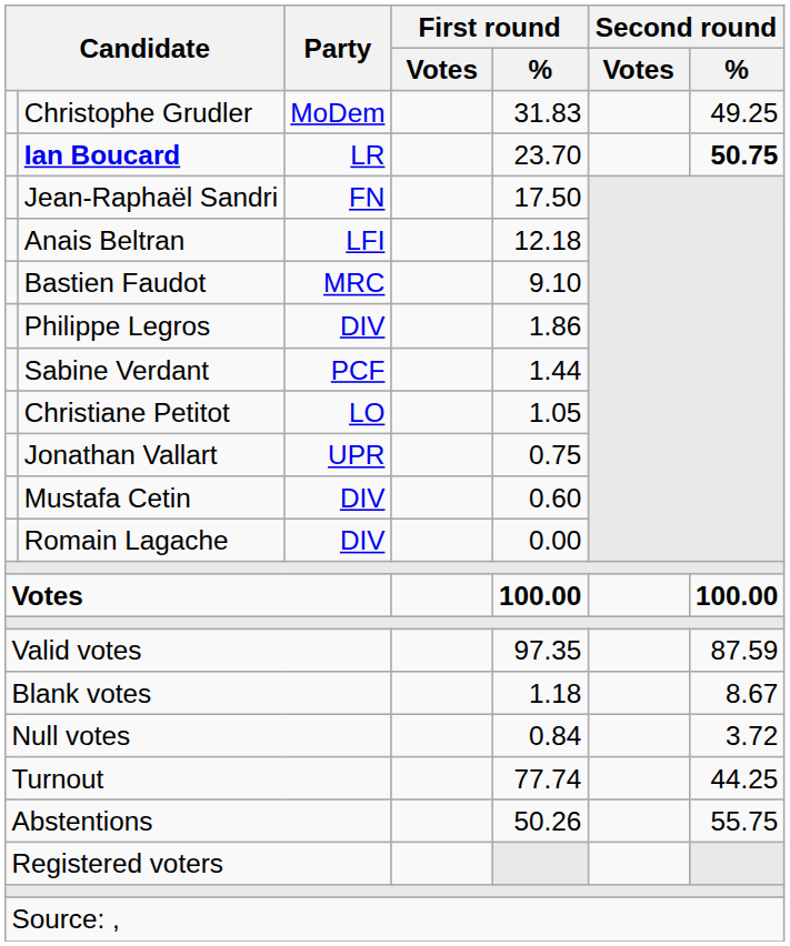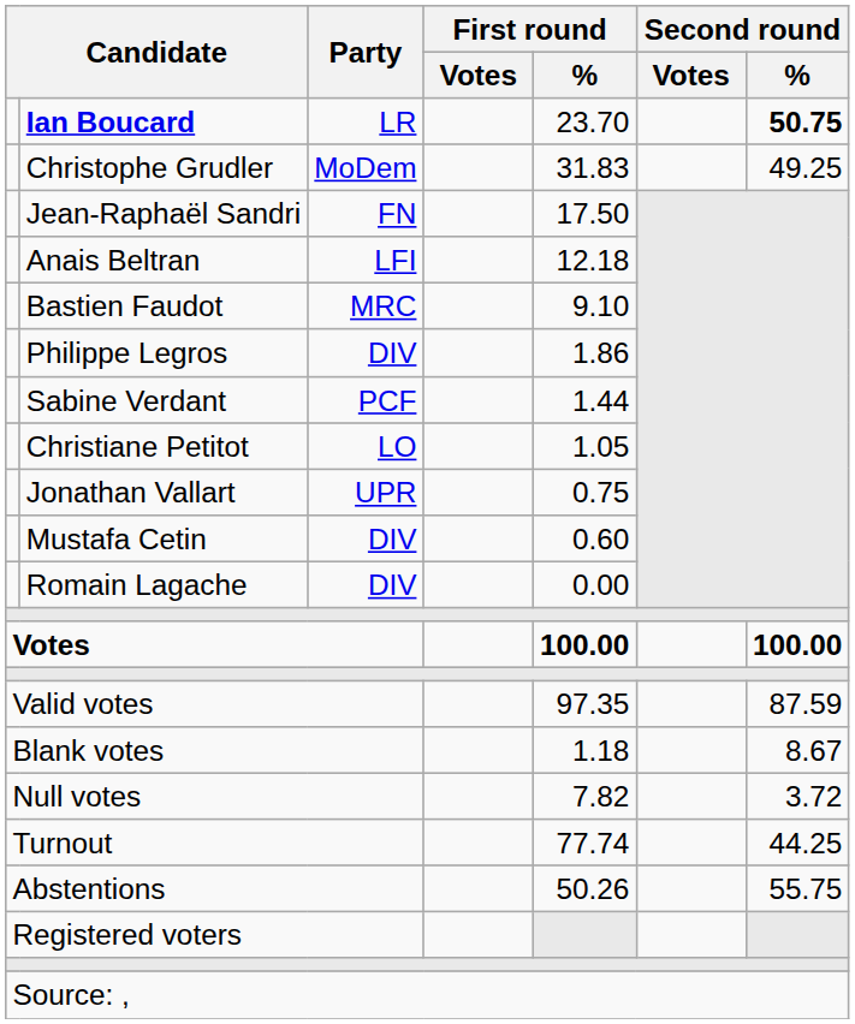 <table class="wikitable" style="text-align:right;font-size:95%;">
 <tr>
 <th rowspan="2" colspan="2">Candidate</th>
 <th rowspan="2">Party</th>
 <th colspan="2">First round</th>
 <th colspan="2">Second round</th>
 </tr>
 <tr>
 <th style="width:50px;">Votes</th>
 <th style="width:45px;">%</th>
 <th style="width:50px;">Votes</th>
 <th style="width:45px;">%</th>
 </tr>
 <tr>
 <td style="background:"></td>
+<td style="text-align:left;"><strong><a href='#'>Ian Boucard</a></strong></td>
+<td><a href='#'>LR</a></td>
+<td></td>
+<td>23.70</td>
+<td><strong></strong></td>
+<td><strong>50.75</strong></td>
+</tr>
+<tr>
+<td style="background:"></td>
 <td style="text-align:left;">Christophe Grudler</td>
 <td><a href='#'>MoDem</a></td>
 <td></td>
 <td>31.83</td>
 <td></td>
 <td>49.25</td>
-</tr>
-<tr>
-<td style="background:"></td>
-<td style="text-align:left;"><strong><a href='#'>Ian Boucard</a></strong></td>
-<td><a href='#'>LR</a></td>
-<td></td>
-<td>23.70</td>
-<td><strong></strong></td>
-<td><strong>50.75</strong></td>
 </tr>
 <tr>
 <td style="background:"></td>
 <td style="text-align:left;">Jean-Raphaël Sandri</td>
 <td><a href='#'>FN</a></td>
 <td></td>
 <td>17.50</td>
 <td colspan="2" rowspan="9" style="background:#E9E9E9;"></td>
 </tr>
 <tr>
 <td style="background:"></td>
 <td style="text-align:left;">Anais Beltran</td>
 <td><a href='#'>LFI</a></td>
 <td></td>
 <td>12.18</td>
 </tr>
 <tr>
 <td style="background:"></td>
 <td style="text-align:left;">Bastien Faudot</td>
 <td><a href='#'>MRC</a></td>
 <td></td>
 <td>9.10</td>
 </tr>
 <tr>
 <td style="background:"></td>
 <td style="text-align:left;">Philippe Legros</td>
 <td><a href='#'>DIV</a></td>
 <td></td>
 <td>1.86</td>
 </tr>
 <tr>
 <td style="background:"></td>
 <td style="text-align:left;">Sabine Verdant</td>
 <td><a href='#'>PCF</a></td>
 <td></td>
 <td>1.44</td>
 </tr>
 <tr>
 <td style="background:"></td>
 <td style="text-align:left;">Christiane Petitot</td>
 <td><a href='#'>LO</a></td>
 <td></td>
 <td>1.05</td>
 </tr>
 <tr>
 <td style="background:"></td>
 <td style="text-align:left;">Jonathan Vallart</td>
 <td><a href='#'>UPR</a></td>
 <td></td>
 <td>0.75</td>
 </tr>
 <tr>
 <td style="background:"></td>
 <td style="text-align:left;">Mustafa Cetin</td>
 <td><a href='#'>DIV</a></td>
 <td></td>
 <td>0.60</td>
 </tr>
 <tr>
 <td style="background:"></td>
 <td style="text-align:left;">Romain Lagache</td>
 <td><a href='#'>DIV</a></td>
 <td></td>
 <td>0.00</td>
 </tr>
 <tr>
 <td colspan="7" style="background:#E9E9E9;"></td>
 </tr>
 <tr style="font-weight:bold;">
 <td colspan="3" style="text-align:left;">Votes</td>
 <td></td>
 <td>100.00</td>
 <td></td>
 <td>100.00</td>
 </tr>
 <tr>
 <td colspan="7" style="background:#E9E9E9;"></td>
 </tr>
 <tr>
 <td colspan="3" style="text-align:left;">Valid votes</td>
 <td></td>
 <td>97.35</td>
 <td></td>
 <td>87.59</td>
 </tr>
 <tr>
 <td colspan="3" style="text-align:left;">Blank votes</td>
 <td></td>
 <td>1.18</td>
 <td></td>
 <td>8.67</td>
 </tr>
 <tr>
 <td colspan="3" style="text-align:left;">Null votes</td>
 <td></td>
-<td>0.84</td>
+<td>7.82</td>
 <td></td>
 <td>3.72</td>
 </tr>
 <tr>
 <td colspan="3" style="text-align:left;">Turnout</td>
 <td></td>
 <td>77.74</td>
 <td></td>
 <td>44.25</td>
 </tr>
 <tr>
 <td colspan="3" style="text-align:left;">Abstentions</td>
 <td></td>
 <td>50.26</td>
 <td></td>
 <td>55.75</td>
 </tr>
 <tr>
 <td colspan="3" style="text-align:left;">Registered voters</td>
 <td></td>
 <td style="background:#E9E9E9;"></td>
 <td></td>
 <td style="background:#E9E9E9;"></td>
 </tr>
 <tr>
 <td colspan="7" style="background:#E9E9E9;"></td>
 </tr>
 <tr>
 <td colspan="7" style="text-align:left;">Source: , </td>
 </tr>
 </table>
